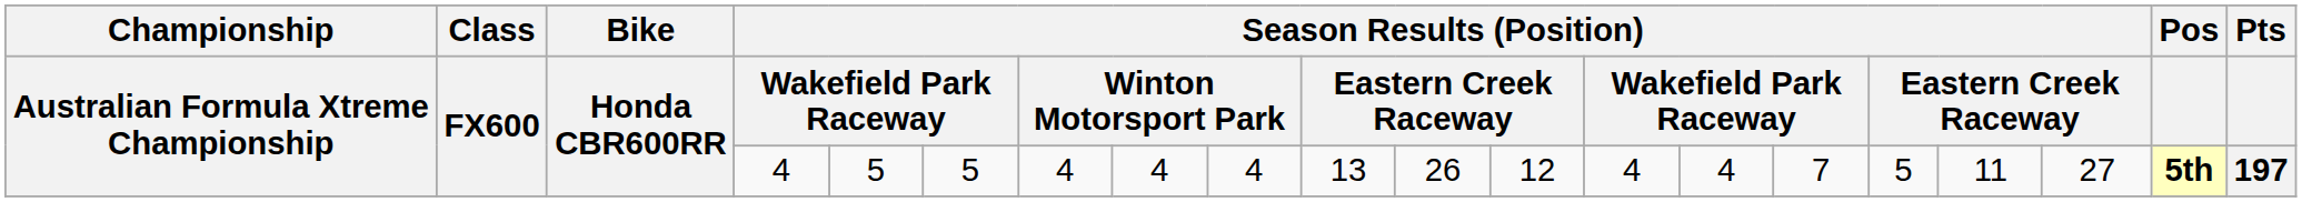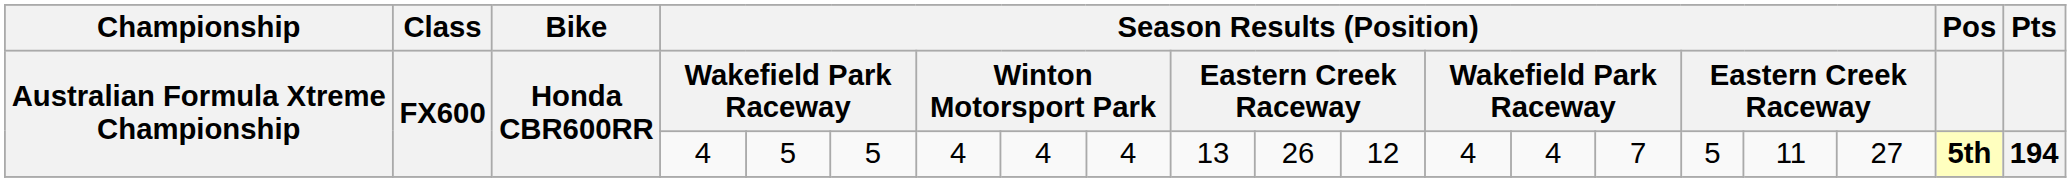 <table class="wikitable" style="text-align:center">
 <tr>
 <th>Championship</th>
 <th>Class</th>
 <th>Bike</th>
 <th colspan=15>Season Results (Position)</th>
 <th>Pos</th>
 <th>Pts</th>
 </tr>
 <tr>
 <th rowspan=2>Australian Formula Xtreme <br> Championship</th>
 <th rowspan=2>FX600</th>
 <th rowspan=2>Honda <br> CBR600RR</th>
 <th colspan=3 width="132pt">Wakefield Park Raceway</th>
 <th colspan=3 width="132pt">Winton Motorsport Park</th>
 <th colspan=3 width="132pt">Eastern Creek Raceway</th>
 <th colspan=3 width="132pt">Wakefield Park Raceway</th>
 <th colspan=3 width="132pt">Eastern Creek Raceway</th>
 <th></th>
 <th></th>
 </tr>
 <tr>
 <td>4</td>
 <td>5</td>
 <td>5</td>
 <td>4</td>
 <td>4</td>
 <td>4</td>
 <td>13</td>
 <td>26</td>
 <td>12</td>
 <td>4</td>
 <td>4</td>
 <td>7</td>
 <td>5</td>
 <td>11</td>
 <td>27</td>
 <th style="background:#ffffbf;">5th</th>
-<th>197</th>
+<th>194</th>
 </tr>
 </table>
